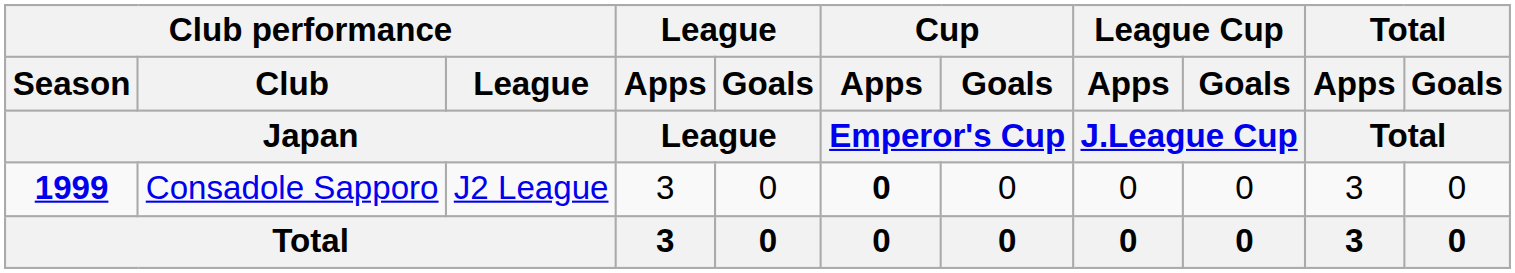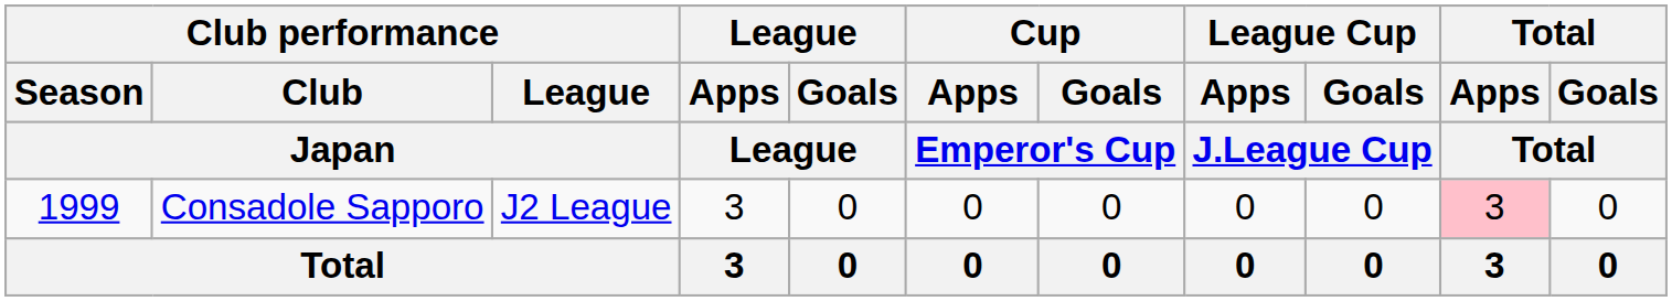 <table class="wikitable" style="text-align:center;">
 <tr>
 <th colspan=3>Club performance</th>
 <th colspan=2>League</th>
 <th colspan=2>Cup</th>
 <th colspan=2>League Cup</th>
 <th colspan=2>Total</th>
 </tr>
 <tr>
 <th>Season</th>
 <th>Club</th>
 <th>League</th>
 <th>Apps</th>
 <th>Goals</th>
 <th>Apps</th>
 <th>Goals</th>
 <th>Apps</th>
 <th>Goals</th>
 <th>Apps</th>
 <th>Goals</th>
 </tr>
 <tr>
 <th colspan=3>Japan</th>
 <th colspan=2>League</th>
 <th colspan=2><a href='#'>Emperor's Cup</a></th>
 <th colspan=2><a href='#'>J.League Cup</a></th>
 <th colspan=2>Total</th>
 </tr>
 <tr>
-<td><strong><a href='#'>1999</a></strong></td>
+<td><a href='#'>1999</a></td>
 <td><a href='#'>Consadole Sapporo</a></td>
 <td><a href='#'>J2 League</a></td>
 <td>3</td>
 <td>0</td>
-<td><strong>0</strong></td>
 <td>0</td>
 <td>0</td>
 <td>0</td>
-<td>3</td>
+<td>0</td>
+<td style="background: pink;">3</td>
 <td>0</td>
 </tr>
 <tr>
 <th colspan=3>Total</th>
 <th>3</th>
 <th>0</th>
 <th>0</th>
 <th>0</th>
 <th>0</th>
 <th>0</th>
 <th>3</th>
 <th>0</th>
 </tr>
 </table>
